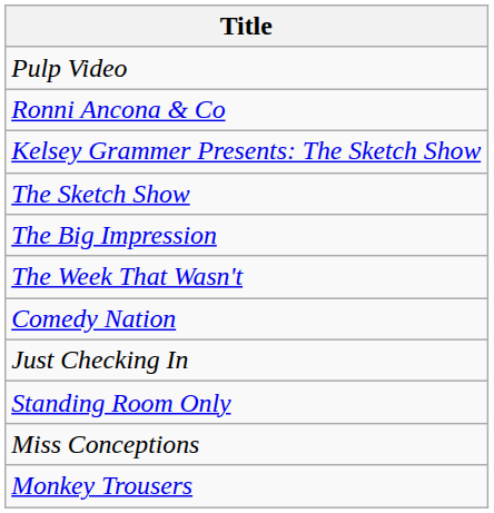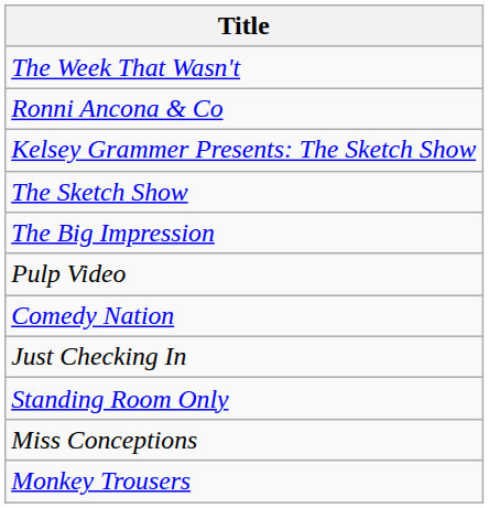 <table class="wikitable sortable">
 <tr>
 <th>Title</th>
 </tr>
 <tr>
-<td><em>Pulp Video</em></td>
+<td><em><a href='#'>The Week That Wasn't</a></em></td>
 </tr>
 <tr>
 <td><em><a href='#'>Ronni Ancona & Co</a></em></td>
 </tr>
 <tr>
 <td><em><a href='#'>Kelsey Grammer Presents: The Sketch Show</a></em></td>
 </tr>
 <tr>
 <td><em><a href='#'>The Sketch Show</a></em></td>
 </tr>
 <tr>
 <td><em><a href='#'>The Big Impression</a></em></td>
 </tr>
 <tr>
-<td><em><a href='#'>The Week That Wasn't</a></em></td>
+<td><em>Pulp Video</em></td>
 </tr>
 <tr>
 <td><em><a href='#'>Comedy Nation</a></em></td>
 </tr>
 <tr>
 <td><em>Just Checking In</em></td>
 </tr>
 <tr>
 <td><em><a href='#'>Standing Room Only</a></em></td>
 </tr>
 <tr>
 <td><em>Miss Conceptions</em></td>
 </tr>
 <tr>
 <td><em><a href='#'>Monkey Trousers</a></em></td>
 </tr>
 </table>
